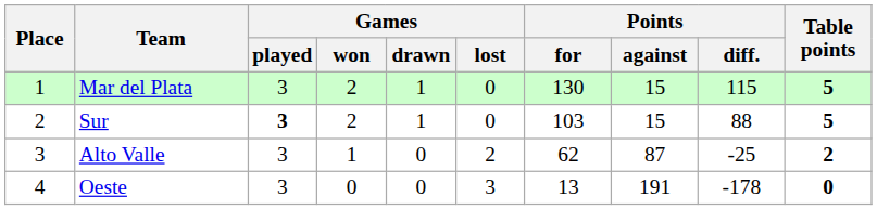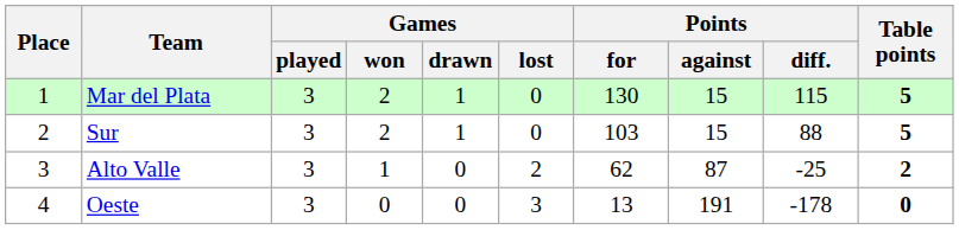 <table class="wikitable">
 <tr>
 <th rowspan=2 width="8%">Place</th>
 <th rowspan=2 width="20%">Team</th>
 <th colspan=4 width="32%">Games</th>
 <th colspan=3 width="30%">Points</th>
 <th rowspan=2 width="10%">Table<br>points</th>
 </tr>
 <tr>
 <th width="8%">played</th>
 <th width="8%">won</th>
 <th width="8%">drawn</th>
 <th width="8%">lost</th>
 <th width="10%">for</th>
 <th width="10%">against</th>
 <th width="10%">diff.</th>
 </tr>
 <tr align=center style="background: #ccffcc;">
 <td>1</td>
 <td align=left><a href='#'>Mar del Plata</a></td>
 <td>3</td>
 <td>2</td>
 <td>1</td>
 <td>0</td>
 <td>130</td>
 <td>15</td>
 <td>115</td>
 <td><strong>5</strong></td>
 </tr>
 <tr align=center style="background: #ffffff;">
 <td>2</td>
 <td align=left><a href='#'>Sur</a></td>
-<td><strong>3</strong></td>
+<td>3</td>
 <td>2</td>
 <td>1</td>
 <td>0</td>
 <td>103</td>
 <td>15</td>
 <td>88</td>
 <td><strong>5</strong></td>
 </tr>
 <tr align=center style="background: #ffffff;">
 <td>3</td>
 <td align=left><a href='#'>Alto Valle</a></td>
 <td>3</td>
 <td>1</td>
 <td>0</td>
 <td>2</td>
 <td>62</td>
 <td>87</td>
 <td>-25</td>
 <td><strong>2</strong></td>
 </tr>
 <tr align=center style="background: #ffffff;">
 <td>4</td>
 <td align=left><a href='#'>Oeste</a></td>
 <td>3</td>
 <td>0</td>
 <td>0</td>
 <td>3</td>
 <td>13</td>
 <td>191</td>
 <td>-178</td>
 <td><strong>0</strong></td>
 </tr>
 </table>
